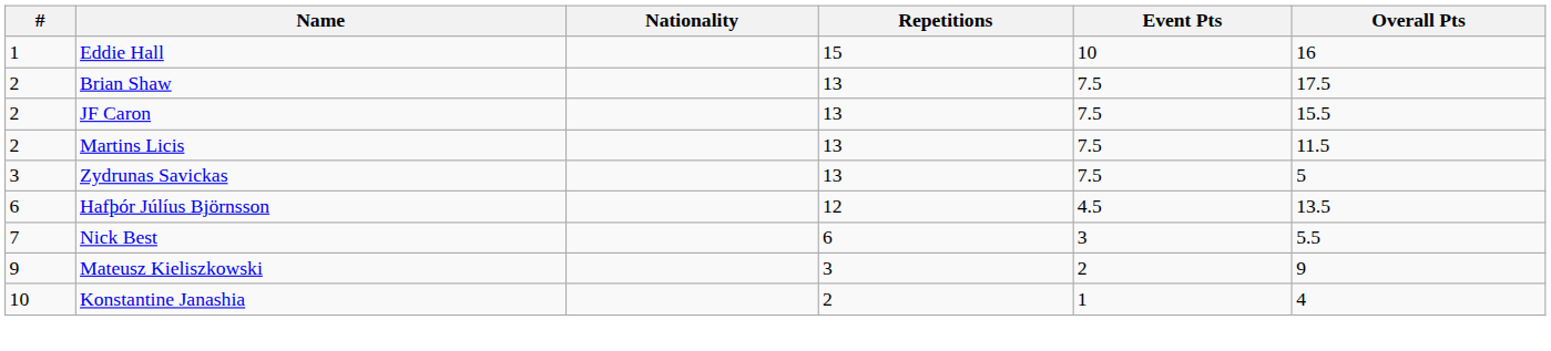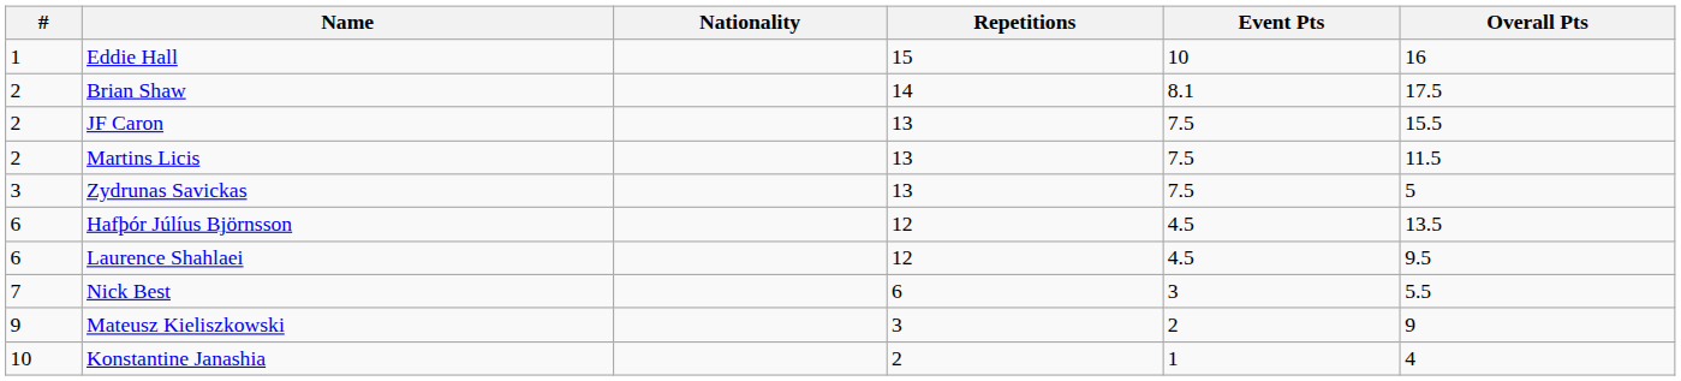 <table class="wikitable sortable" style="display: inline-table; width: 100%;">
 <tr>
 <th>#</th>
 <th>Name</th>
 <th>Nationality</th>
 <th>Repetitions</th>
 <th>Event Pts</th>
 <th>Overall Pts</th>
 </tr>
 <tr>
 <td>1</td>
 <td><a href='#'>Eddie Hall</a></td>
 <td></td>
 <td>15</td>
 <td>10</td>
 <td>16</td>
 </tr>
 <tr>
 <td>2</td>
 <td><a href='#'>Brian Shaw</a></td>
 <td></td>
-<td>13</td>
-<td>7.5</td>
+<td>14</td>
+<td>8.1</td>
 <td>17.5</td>
 </tr>
 <tr>
 <td>2</td>
 <td><a href='#'>JF Caron</a></td>
 <td></td>
 <td>13</td>
 <td>7.5</td>
 <td>15.5</td>
 </tr>
 <tr>
 <td>2</td>
 <td><a href='#'>Martins Licis</a></td>
 <td></td>
 <td>13</td>
 <td>7.5</td>
 <td>11.5</td>
 </tr>
 <tr>
 <td>3</td>
 <td><a href='#'>Zydrunas Savickas</a></td>
 <td></td>
 <td>13</td>
 <td>7.5</td>
 <td>5</td>
 </tr>
 <tr>
 <td>6</td>
 <td><a href='#'>Hafþór Júlíus Björnsson</a></td>
 <td></td>
 <td>12</td>
 <td>4.5</td>
 <td>13.5</td>
 </tr>
 <tr>
+<td>6</td>
+<td><a href='#'>Laurence Shahlaei</a></td>
+<td></td>
+<td>12</td>
+<td>4.5</td>
+<td>9.5</td>
+</tr>
+<tr>
 <td>7</td>
 <td><a href='#'>Nick Best</a></td>
 <td></td>
 <td>6</td>
 <td>3</td>
 <td>5.5</td>
 </tr>
 <tr>
 <td>9</td>
 <td><a href='#'>Mateusz Kieliszkowski</a></td>
 <td></td>
 <td>3</td>
 <td>2</td>
 <td>9</td>
 </tr>
 <tr>
 <td>10</td>
 <td><a href='#'>Konstantine Janashia</a></td>
 <td></td>
 <td>2</td>
 <td>1</td>
 <td>4</td>
 </tr>
 </table>
